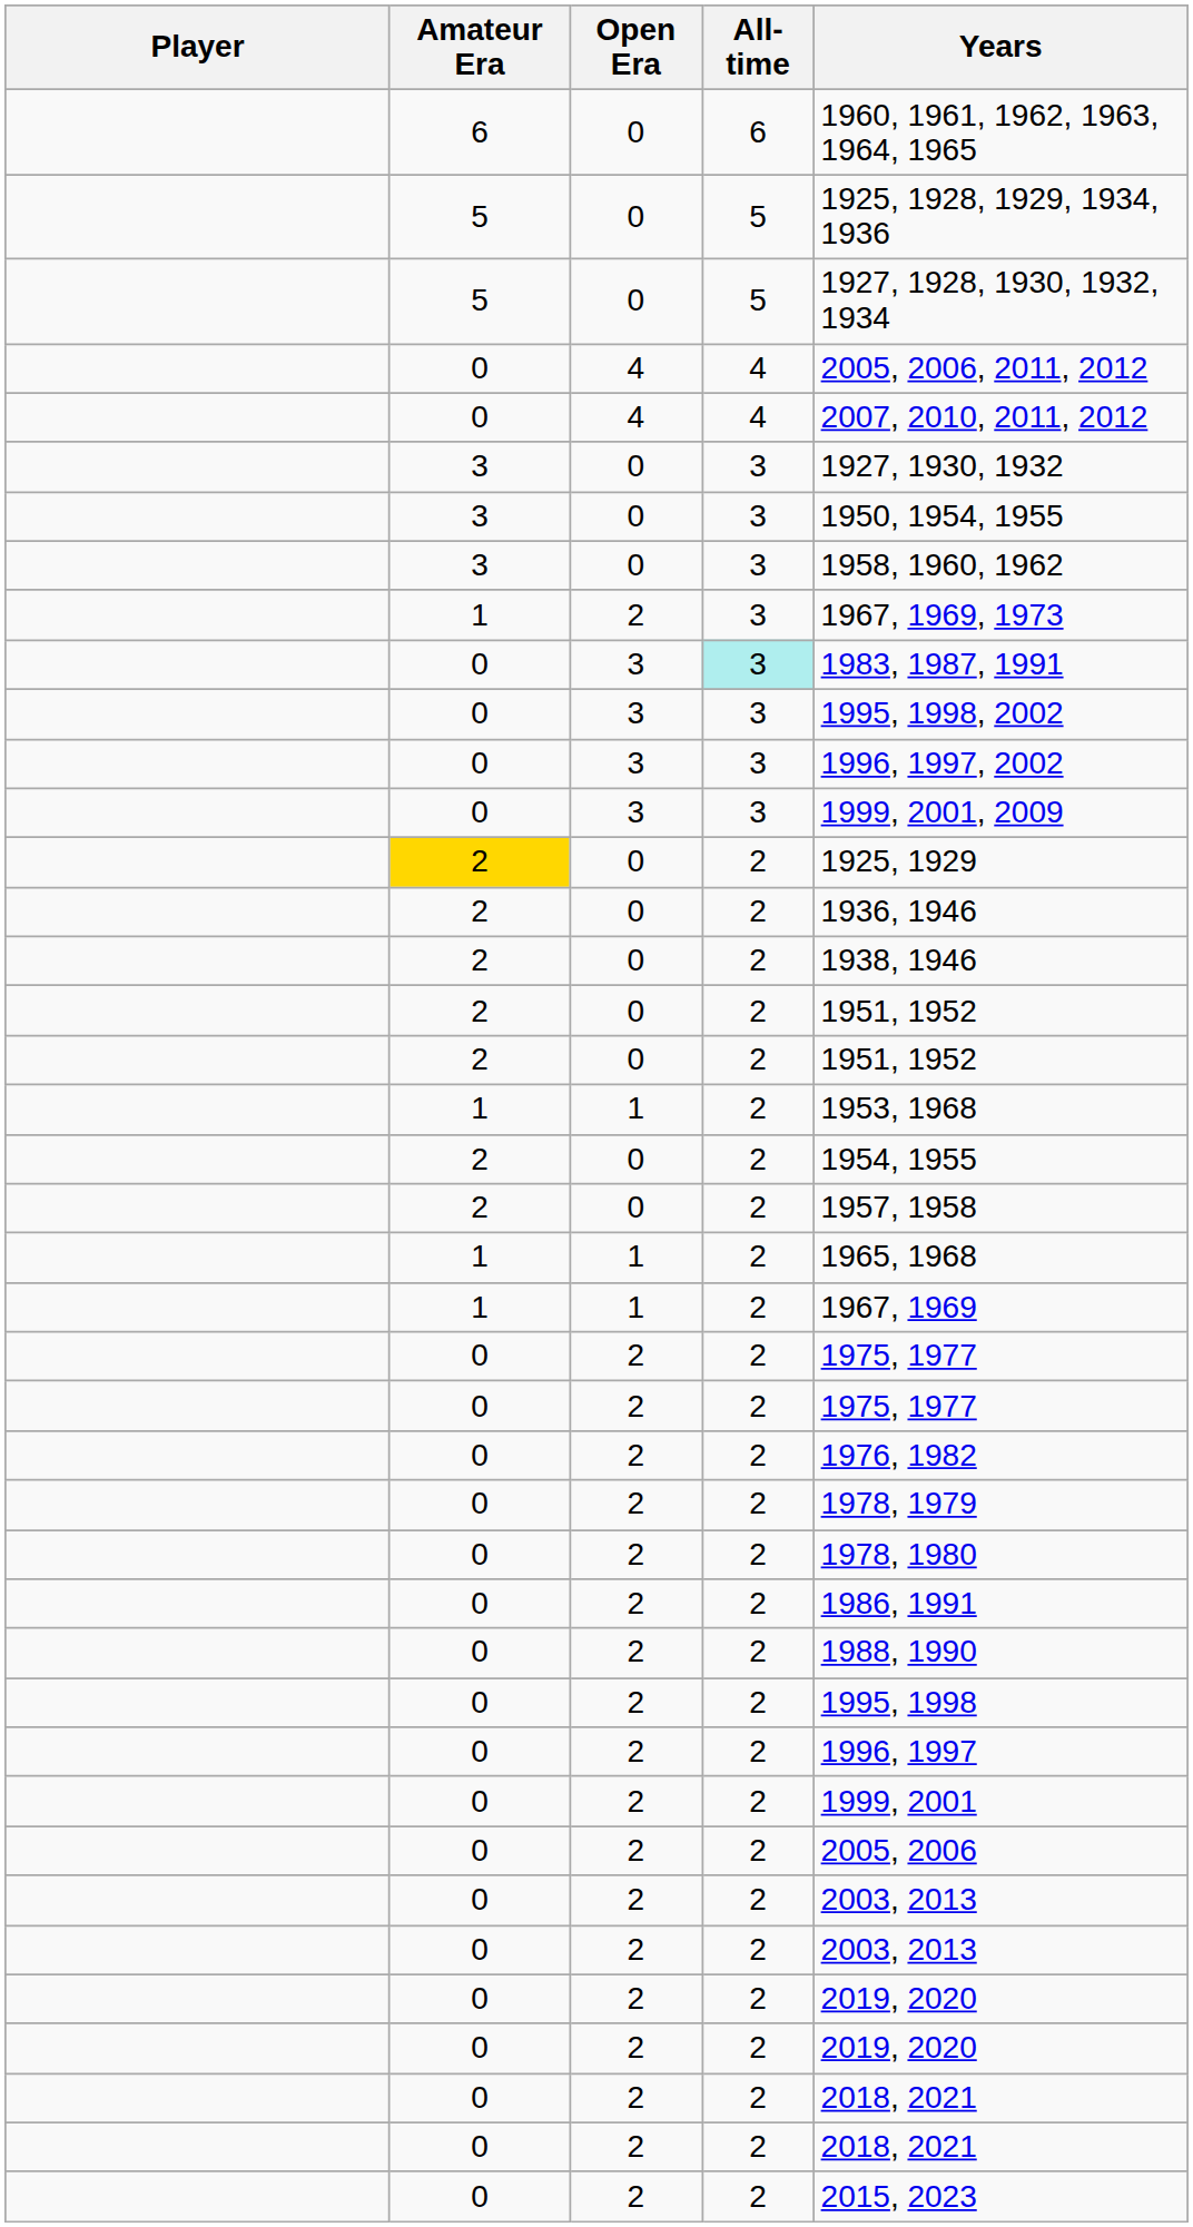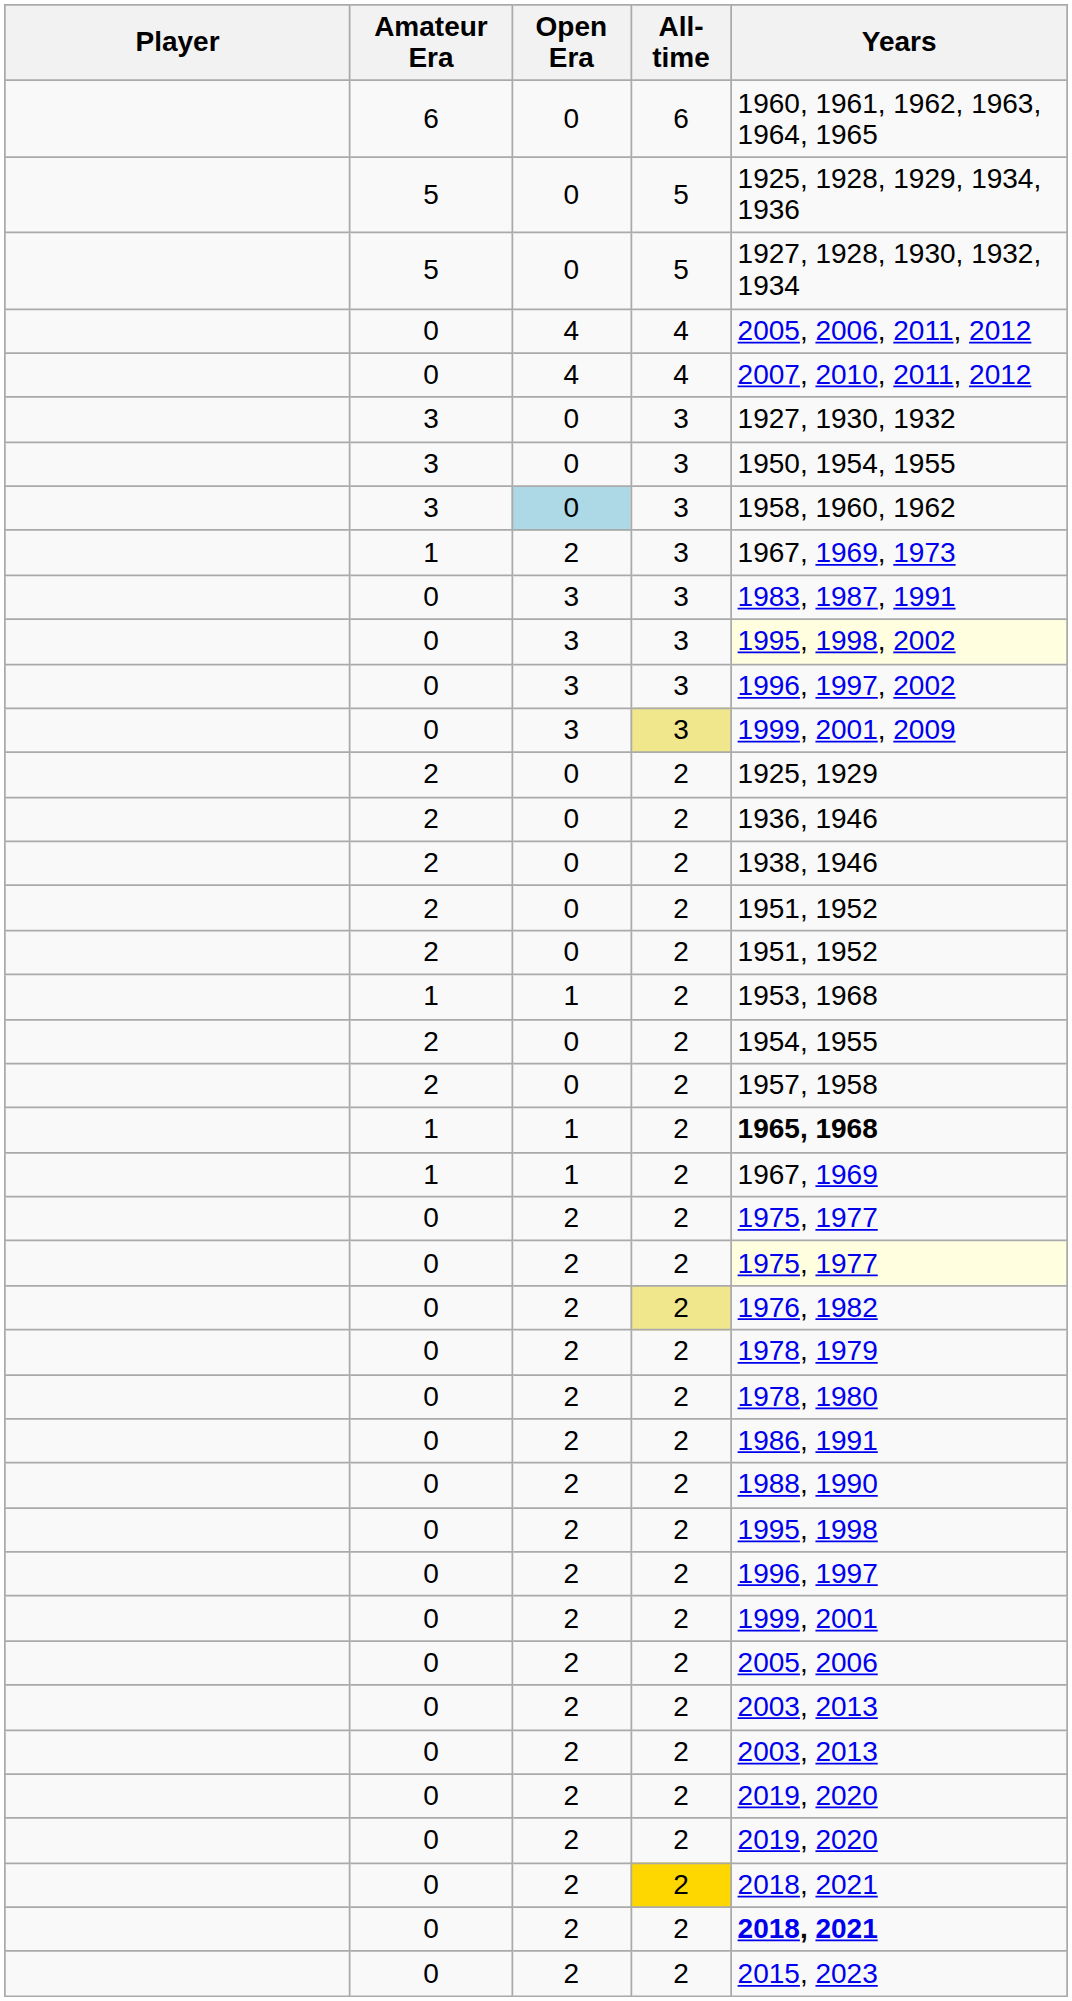 <table class="sortable wikitable">
 <tr>
 <th scope="col" width="190">Player</th>
 <th>Amateur Era</th>
 <th>Open Era</th>
 <th>All-time</th>
 <th class="unsortable">Years</th>
 </tr>
 <tr>
 <td></td>
 <td align="center">6</td>
 <td align="center">0</td>
 <td align="center">6</td>
 <td>1960, 1961, 1962, 1963, 1964, 1965</td>
 </tr>
 <tr>
 <td></td>
 <td align="center">5</td>
 <td align="center">0</td>
 <td align="center">5</td>
 <td>1925, 1928, 1929, 1934, 1936</td>
 </tr>
 <tr>
 <td></td>
 <td align="center">5</td>
 <td align="center">0</td>
 <td align="center">5</td>
 <td>1927, 1928, 1930, 1932, 1934</td>
 </tr>
 <tr>
 <td></td>
 <td align="center">0</td>
 <td align="center">4</td>
 <td align="center">4</td>
 <td><a href='#'>2005</a>, <a href='#'>2006</a>, <a href='#'>2011</a>, <a href='#'>2012</a></td>
 </tr>
 <tr>
 <td></td>
 <td align="center">0</td>
 <td align="center">4</td>
 <td align="center">4</td>
 <td><a href='#'>2007</a>, <a href='#'>2010</a>, <a href='#'>2011</a>, <a href='#'>2012</a></td>
 </tr>
 <tr>
 <td></td>
 <td align="center">3</td>
 <td align="center">0</td>
 <td align="center">3</td>
 <td>1927, 1930, 1932</td>
 </tr>
 <tr>
 <td></td>
 <td align="center">3</td>
 <td align="center">0</td>
 <td align="center">3</td>
 <td>1950, 1954, 1955</td>
 </tr>
 <tr>
 <td></td>
 <td align="center">3</td>
-<td align="center">0</td>
+<td align="center" style="background: lightblue;">0</td>
 <td align="center">3</td>
 <td>1958, 1960, 1962</td>
 </tr>
 <tr>
 <td></td>
 <td align="center">1</td>
 <td align="center">2</td>
 <td align="center">3</td>
 <td>1967, <a href='#'>1969</a>,  <a href='#'>1973</a></td>
 </tr>
 <tr>
 <td></td>
 <td align="center">0</td>
 <td align="center">3</td>
-<td align="center" style="background: paleturquoise;">3</td>
+<td align="center">3</td>
 <td><a href='#'>1983</a>, <a href='#'>1987</a>, <a href='#'>1991</a></td>
 </tr>
 <tr>
 <td></td>
 <td align="center">0</td>
 <td align="center">3</td>
 <td align="center">3</td>
-<td><a href='#'>1995</a>, <a href='#'>1998</a>, <a href='#'>2002</a></td>
+<td style="background: lightyellow;"><a href='#'>1995</a>, <a href='#'>1998</a>, <a href='#'>2002</a></td>
 </tr>
 <tr>
 <td></td>
 <td align="center">0</td>
 <td align="center">3</td>
 <td align="center">3</td>
 <td><a href='#'>1996</a>, <a href='#'>1997</a>, <a href='#'>2002</a></td>
 </tr>
 <tr>
 <td></td>
 <td align="center">0</td>
 <td align="center">3</td>
-<td align="center">3</td>
+<td align="center" style="background: khaki;">3</td>
 <td><a href='#'>1999</a>, <a href='#'>2001</a>, <a href='#'>2009</a></td>
 </tr>
 <tr>
 <td></td>
-<td align="center" style="background: gold;">2</td>
+<td align="center">2</td>
 <td align="center">0</td>
 <td align="center">2</td>
 <td>1925, 1929</td>
 </tr>
 <tr>
 <td></td>
 <td align="center">2</td>
 <td align="center">0</td>
 <td align="center">2</td>
 <td>1936, 1946</td>
 </tr>
 <tr>
 <td></td>
 <td align="center">2</td>
 <td align="center">0</td>
 <td align="center">2</td>
 <td>1938, 1946</td>
 </tr>
 <tr>
 <td></td>
 <td align="center">2</td>
 <td align="center">0</td>
 <td align="center">2</td>
 <td>1951, 1952</td>
 </tr>
 <tr>
 <td></td>
 <td align="center">2</td>
 <td align="center">0</td>
 <td align="center">2</td>
 <td>1951, 1952</td>
 </tr>
 <tr>
 <td></td>
 <td align="center">1</td>
 <td align="center">1</td>
 <td align="center">2</td>
 <td>1953, 1968</td>
 </tr>
 <tr>
 <td></td>
 <td align="center">2</td>
 <td align="center">0</td>
 <td align="center">2</td>
 <td>1954, 1955</td>
 </tr>
 <tr>
 <td></td>
 <td align="center">2</td>
 <td align="center">0</td>
 <td align="center">2</td>
 <td>1957, 1958</td>
 </tr>
 <tr>
 <td></td>
 <td align="center">1</td>
 <td align="center">1</td>
 <td align="center">2</td>
-<td>1965, 1968</td>
+<td><strong>1965, 1968</strong></td>
 </tr>
 <tr>
 <td></td>
 <td align="center">1</td>
 <td align="center">1</td>
 <td align="center">2</td>
 <td>1967, <a href='#'>1969</a></td>
 </tr>
 <tr>
 <td></td>
 <td align="center">0</td>
 <td align="center">2</td>
 <td align="center">2</td>
 <td><a href='#'>1975</a>, <a href='#'>1977</a></td>
 </tr>
 <tr>
 <td></td>
 <td align="center">0</td>
 <td align="center">2</td>
 <td align="center">2</td>
-<td><a href='#'>1975</a>, <a href='#'>1977</a></td>
+<td style="background: lightyellow;"><a href='#'>1975</a>, <a href='#'>1977</a></td>
 </tr>
 <tr>
 <td></td>
 <td align="center">0</td>
 <td align="center">2</td>
-<td align="center">2</td>
+<td align="center" style="background: khaki;">2</td>
 <td><a href='#'>1976</a>, <a href='#'>1982</a></td>
 </tr>
 <tr>
 <td></td>
 <td align="center">0</td>
 <td align="center">2</td>
 <td align="center">2</td>
 <td><a href='#'>1978</a>, <a href='#'>1979</a></td>
 </tr>
 <tr>
 <td></td>
 <td align="center">0</td>
 <td align="center">2</td>
 <td align="center">2</td>
 <td><a href='#'>1978</a>, <a href='#'>1980</a></td>
 </tr>
 <tr>
 <td></td>
 <td align="center">0</td>
 <td align="center">2</td>
 <td align="center">2</td>
 <td><a href='#'>1986</a>, <a href='#'>1991</a></td>
 </tr>
 <tr>
 <td></td>
 <td align="center">0</td>
 <td align="center">2</td>
 <td align="center">2</td>
 <td><a href='#'>1988</a>, <a href='#'>1990</a></td>
 </tr>
 <tr>
 <td></td>
 <td align="center">0</td>
 <td align="center">2</td>
 <td align="center">2</td>
 <td><a href='#'>1995</a>, <a href='#'>1998</a></td>
 </tr>
 <tr>
 <td></td>
 <td align="center">0</td>
 <td align="center">2</td>
 <td align="center">2</td>
 <td><a href='#'>1996</a>, <a href='#'>1997</a></td>
 </tr>
 <tr>
 <td></td>
 <td align="center">0</td>
 <td align="center">2</td>
 <td align="center">2</td>
 <td><a href='#'>1999</a>, <a href='#'>2001</a></td>
 </tr>
 <tr>
 <td></td>
 <td align="center">0</td>
 <td align="center">2</td>
 <td align="center">2</td>
 <td><a href='#'>2005</a>, <a href='#'>2006</a></td>
 </tr>
 <tr>
 <td></td>
 <td align="center">0</td>
 <td align="center">2</td>
 <td align="center">2</td>
 <td><a href='#'>2003</a>, <a href='#'>2013</a></td>
 </tr>
 <tr>
 <td></td>
 <td align="center">0</td>
 <td align="center">2</td>
 <td align="center">2</td>
 <td><a href='#'>2003</a>, <a href='#'>2013</a></td>
 </tr>
 <tr>
 <td></td>
 <td align="center">0</td>
 <td align="center">2</td>
 <td align="center">2</td>
 <td><a href='#'>2019</a>, <a href='#'>2020</a></td>
 </tr>
 <tr>
 <td></td>
 <td align="center">0</td>
 <td align="center">2</td>
 <td align="center">2</td>
 <td><a href='#'>2019</a>, <a href='#'>2020</a></td>
 </tr>
 <tr>
 <td></td>
 <td align="center">0</td>
 <td align="center">2</td>
-<td align="center">2</td>
+<td align="center" style="background: gold;">2</td>
 <td><a href='#'>2018</a>, <a href='#'>2021</a></td>
 </tr>
 <tr>
 <td></td>
 <td align="center">0</td>
 <td align="center">2</td>
 <td align="center">2</td>
-<td><a href='#'>2018</a>, <a href='#'>2021</a></td>
+<td><strong><a href='#'>2018</a>, <a href='#'>2021</a></strong></td>
 </tr>
 <tr>
 <td></td>
 <td align="center">0</td>
 <td align="center">2</td>
 <td align="center">2</td>
 <td><a href='#'>2015</a>, <a href='#'>2023</a></td>
 </tr>
 </table>
